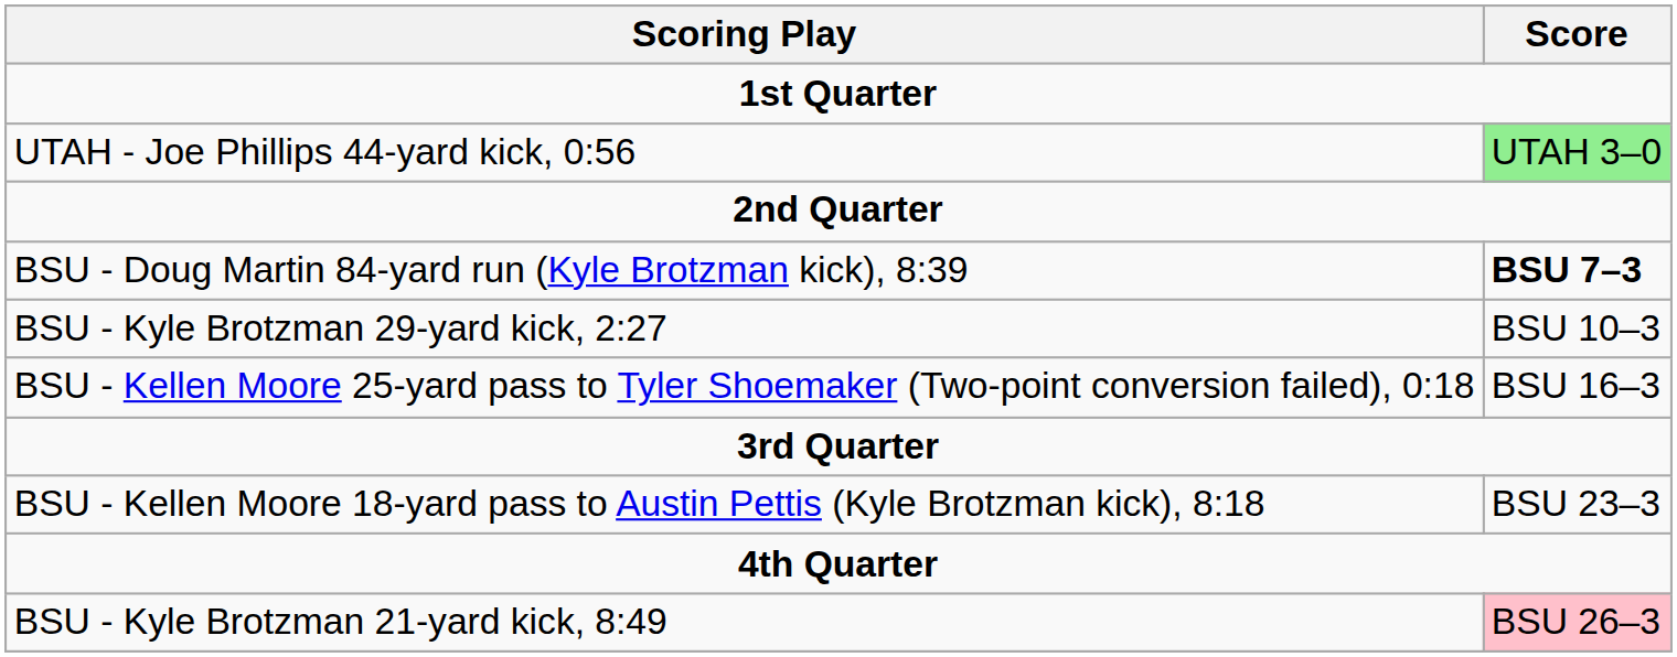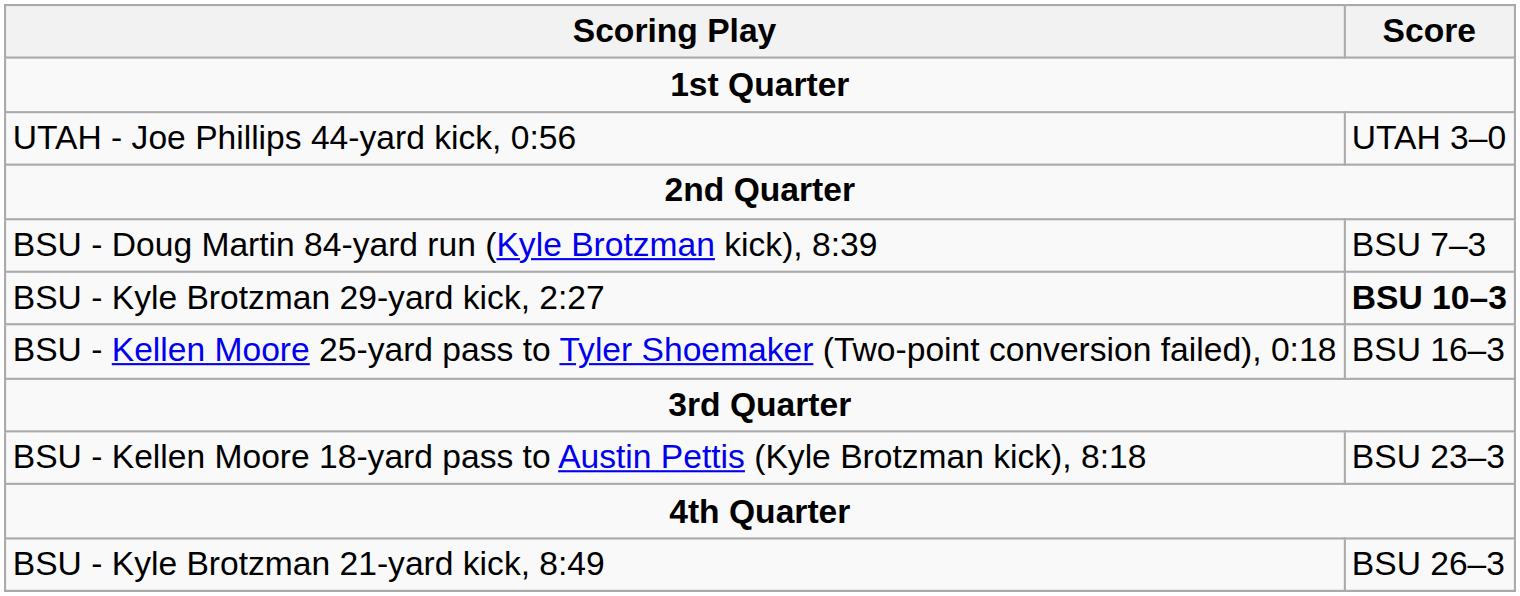 <table class="wikitable">
 <tr>
 <th>Scoring Play</th>
 <th>Score</th>
 </tr>
 <tr>
 <td colspan="4" align="center"><strong>1st Quarter</strong></td>
 </tr>
 <tr>
 <td>UTAH - Joe Phillips 44-yard kick, 0:56</td>
-<td style="background: lightgreen;">UTAH 3–0</td>
+<td>UTAH 3–0</td>
 </tr>
 <tr>
 <td colspan="4" align="center"><strong>2nd Quarter</strong></td>
 </tr>
 <tr>
 <td>BSU - Doug Martin 84-yard run (<a href='#'>Kyle Brotzman</a> kick), 8:39</td>
-<td><strong>BSU 7–3</strong></td>
+<td>BSU 7–3</td>
 </tr>
 <tr>
 <td>BSU - Kyle Brotzman 29-yard kick, 2:27</td>
-<td>BSU 10–3</td>
+<td><strong>BSU 10–3</strong></td>
 </tr>
 <tr>
 <td>BSU - <a href='#'>Kellen Moore</a> 25-yard pass to <a href='#'>Tyler Shoemaker</a> (Two-point conversion failed), 0:18</td>
 <td>BSU 16–3</td>
 </tr>
 <tr>
 <td colspan="4" align="center"><strong>3rd Quarter</strong></td>
 </tr>
 <tr>
 <td>BSU - Kellen Moore 18-yard pass to <a href='#'>Austin Pettis</a> (Kyle Brotzman kick), 8:18</td>
 <td>BSU 23–3</td>
 </tr>
 <tr>
 <td colspan="4" align="center"><strong>4th Quarter</strong></td>
 </tr>
 <tr>
 <td>BSU - Kyle Brotzman 21-yard kick, 8:49</td>
-<td style="background: pink;">BSU 26–3</td>
+<td>BSU 26–3</td>
 </tr>
 <tr>
 </tr>
 </table>
